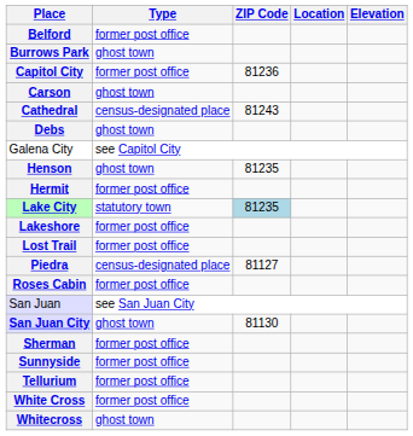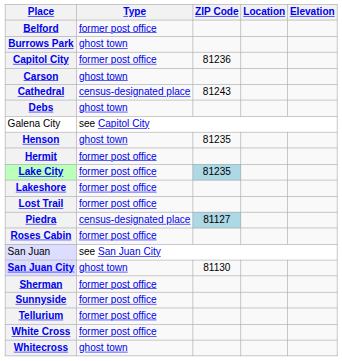 <table class="wikitable sortable  plainrowheaders" style="margin:auto;">
 <tr>
 <th scope=col><a href='#'>Place</a></th>
 <th scope=col><a href='#'>Type</a></th>
 <th scope=col><a href='#'>ZIP Code</a></th>
 <th scope=col><a href='#'>Location</a></th>
 <th scope=col><a href='#'>Elevation</a></th>
 </tr>
 <tr>
 <th scope=row><a href='#'>Belford</a></th>
 <td><a href='#'>former post office</a></td>
 <td align=center></td>
 <td></td>
 <td></td>
 </tr>
 <tr>
 <th scope=row><a href='#'>Burrows Park</a></th>
 <td><a href='#'>ghost town</a></td>
 <td align=center></td>
 <td></td>
 <td></td>
 </tr>
 <tr>
 <th scope=row><a href='#'>Capitol City</a></th>
 <td><a href='#'>former post office</a></td>
 <td align=center>81236</td>
 <td></td>
 <td align=right></td>
 </tr>
 <tr>
 <th scope=row><a href='#'>Carson</a></th>
 <td><a href='#'>ghost town</a></td>
 <td align=center></td>
 <td></td>
 <td></td>
 </tr>
 <tr>
 <th scope=row><a href='#'>Cathedral</a></th>
 <td><a href='#'>census-designated place</a></td>
 <td align=center>81243</td>
 <td></td>
 <td align=right></td>
 </tr>
 <tr>
 <th scope=row><a href='#'>Debs</a></th>
 <td><a href='#'>ghost town</a></td>
 <td align=center></td>
 <td></td>
 <td></td>
 </tr>
 <tr bgcolor=white>
 <td>Galena City</td>
 <td colspan=4>see <a href='#'>Capitol City</a></td>
 </tr>
 <tr>
 <th scope=row><a href='#'>Henson</a></th>
 <td><a href='#'>ghost town</a></td>
 <td align=center>81235</td>
 <td></td>
 <td align=right></td>
 </tr>
 <tr>
 <th scope=row><a href='#'>Hermit</a></th>
 <td><a href='#'>former post office</a></td>
 <td align=center></td>
 <td></td>
 <td></td>
 </tr>
 <tr>
 <th scope=row style="background:#BBFFBB;"><a href='#'>Lake City</a></th>
-<td><a href='#'>statutory town</a></td>
+<td><a href='#'>former post office</a></td>
 <td align=center style="background: lightblue;">81235</td>
 <td></td>
 <td align=right></td>
 </tr>
 <tr>
 <th scope=row><a href='#'>Lakeshore</a></th>
 <td><a href='#'>former post office</a></td>
 <td align=center></td>
 <td></td>
 <td></td>
 </tr>
 <tr>
 <th scope=row><a href='#'>Lost Trail</a></th>
 <td><a href='#'>former post office</a></td>
 <td align=center></td>
 <td></td>
 <td></td>
 </tr>
 <tr>
 <th scope=row><a href='#'>Piedra</a></th>
 <td><a href='#'>census-designated place</a></td>
-<td align=center>81127</td>
+<td align=center style="background: lightblue;">81127</td>
 <td></td>
 <td></td>
 </tr>
 <tr>
 <th scope=row><a href='#'>Roses Cabin</a></th>
 <td><a href='#'>former post office</a></td>
 <td align=center></td>
 <td></td>
 <td></td>
 </tr>
 <tr bgcolor=white>
 <td style="background:#DDDDFF;">San Juan</td>
 <td colspan=4>see <a href='#'>San Juan City</a></td>
 </tr>
 <tr>
 <th scope=row style="background:#DDDDFF;"><a href='#'>San Juan City</a></th>
 <td><a href='#'>ghost town</a></td>
 <td align=center>81130</td>
 <td></td>
 <td></td>
 </tr>
 <tr>
 <th scope=row><a href='#'>Sherman</a></th>
 <td><a href='#'>former post office</a></td>
 <td align=center></td>
 <td></td>
 <td></td>
 </tr>
 <tr>
 <th scope=row><a href='#'>Sunnyside</a></th>
 <td><a href='#'>former post office</a></td>
 <td align=center></td>
 <td></td>
 <td></td>
 </tr>
 <tr>
 <th scope=row><a href='#'>Tellurium</a></th>
 <td><a href='#'>former post office</a></td>
 <td align=center></td>
 <td></td>
 <td></td>
 </tr>
 <tr>
 <th scope=row><a href='#'>White Cross</a></th>
 <td><a href='#'>former post office</a></td>
 <td align=center></td>
 <td></td>
 <td></td>
 </tr>
 <tr>
 <th scope=row><a href='#'>Whitecross</a></th>
 <td><a href='#'>ghost town</a></td>
 <td align=center></td>
 <td></td>
 <td></td>
 </tr>
 </table>
